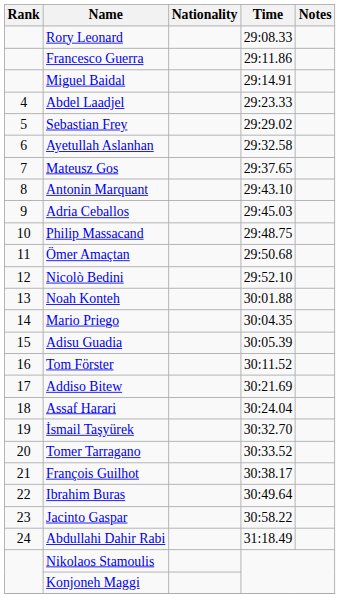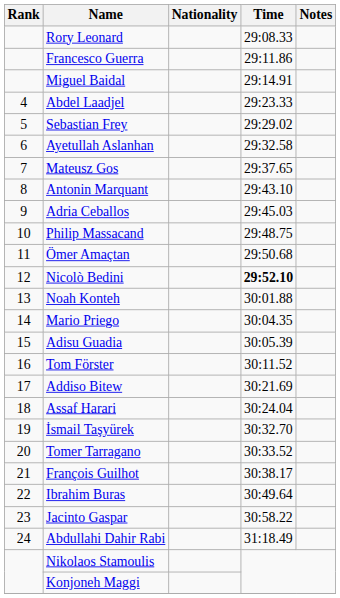 <table class="wikitable sortable" style="text-align:center">
 <tr>
 <th>Rank</th>
 <th>Name</th>
 <th>Nationality</th>
 <th>Time</th>
 <th>Notes</th>
 </tr>
 <tr>
 <td></td>
 <td align=left><a href='#'>Rory Leonard</a></td>
 <td align=left></td>
 <td>29:08.33</td>
 <td></td>
 </tr>
 <tr>
 <td></td>
 <td align=left><a href='#'>Francesco Guerra</a></td>
 <td align=left></td>
 <td>29:11.86</td>
 <td></td>
 </tr>
 <tr>
 <td></td>
 <td align=left><a href='#'>Miguel Baidal</a></td>
 <td align=left></td>
 <td>29:14.91</td>
 <td></td>
 </tr>
 <tr>
 <td>4</td>
 <td align=left><a href='#'>Abdel Laadjel</a></td>
 <td align=left></td>
 <td>29:23.33</td>
 <td></td>
 </tr>
 <tr>
 <td>5</td>
 <td align=left><a href='#'>Sebastian Frey</a></td>
 <td align=left></td>
 <td>29:29.02</td>
 <td></td>
 </tr>
 <tr>
 <td>6</td>
 <td align=left><a href='#'>Ayetullah Aslanhan</a></td>
 <td align=left></td>
 <td>29:32.58</td>
 <td></td>
 </tr>
 <tr>
 <td>7</td>
 <td align=left><a href='#'>Mateusz Gos</a></td>
 <td align=left></td>
 <td>29:37.65</td>
 <td></td>
 </tr>
 <tr>
 <td>8</td>
 <td align=left><a href='#'>Antonin Marquant</a></td>
 <td align=left></td>
 <td>29:43.10</td>
 <td></td>
 </tr>
 <tr>
 <td>9</td>
 <td align=left><a href='#'>Adria Ceballos</a></td>
 <td align=left></td>
 <td>29:45.03</td>
 <td></td>
 </tr>
 <tr>
 <td>10</td>
 <td align=left><a href='#'>Philip Massacand</a></td>
 <td align=left></td>
 <td>29:48.75</td>
 <td></td>
 </tr>
 <tr>
 <td>11</td>
 <td align=left><a href='#'>Ömer Amaçtan</a></td>
 <td align=left></td>
 <td>29:50.68</td>
 <td></td>
 </tr>
 <tr>
 <td>12</td>
 <td align=left><a href='#'>Nicolò Bedini</a></td>
 <td align=left></td>
-<td>29:52.10</td>
+<td><strong>29:52.10</strong></td>
 <td></td>
 </tr>
 <tr>
 <td>13</td>
 <td align=left><a href='#'>Noah Konteh</a></td>
 <td align=left></td>
 <td>30:01.88</td>
 <td></td>
 </tr>
 <tr>
 <td>14</td>
 <td align=left><a href='#'>Mario Priego</a></td>
 <td align=left></td>
 <td>30:04.35</td>
 <td></td>
 </tr>
 <tr>
 <td>15</td>
 <td align=left><a href='#'>Adisu Guadia</a></td>
 <td align=left></td>
 <td>30:05.39</td>
 <td></td>
 </tr>
 <tr>
 <td>16</td>
 <td align=left><a href='#'>Tom Förster</a></td>
 <td align=left></td>
 <td>30:11.52</td>
 <td></td>
 </tr>
 <tr>
 <td>17</td>
 <td align=left><a href='#'>Addiso Bitew</a></td>
 <td align=left></td>
 <td>30:21.69</td>
 <td></td>
 </tr>
 <tr>
 <td>18</td>
 <td align=left><a href='#'>Assaf Harari</a></td>
 <td align=left></td>
 <td>30:24.04</td>
 <td></td>
 </tr>
 <tr>
 <td>19</td>
 <td align=left><a href='#'>İsmail Taşyürek</a></td>
 <td align=left></td>
 <td>30:32.70</td>
 <td></td>
 </tr>
 <tr>
 <td>20</td>
 <td align=left><a href='#'>Tomer Tarragano</a></td>
 <td align=left></td>
 <td>30:33.52</td>
 <td></td>
 </tr>
 <tr>
 <td>21</td>
 <td align=left><a href='#'>François Guilhot</a></td>
 <td align=left></td>
 <td>30:38.17</td>
 <td></td>
 </tr>
 <tr>
 <td>22</td>
 <td align=left><a href='#'>Ibrahim Buras</a></td>
 <td align=left></td>
 <td>30:49.64</td>
 <td></td>
 </tr>
 <tr>
 <td>23</td>
 <td align=left><a href='#'>Jacinto Gaspar</a></td>
 <td align=left></td>
 <td>30:58.22</td>
 <td></td>
 </tr>
 <tr>
 <td>24</td>
 <td align=left><a href='#'>Abdullahi Dahir Rabi</a></td>
 <td align=left></td>
 <td>31:18.49</td>
 <td></td>
 </tr>
 <tr>
 <td rowspan=2></td>
 <td align=left><a href='#'>Nikolaos Stamoulis</a></td>
 <td align=left></td>
 <td colspan=2 rowspan=2></td>
 </tr>
 <tr>
 <td align=left><a href='#'>Konjoneh Maggi</a></td>
 <td align=left></td>
 </tr>
 <tr>
 </tr>
 </table>
